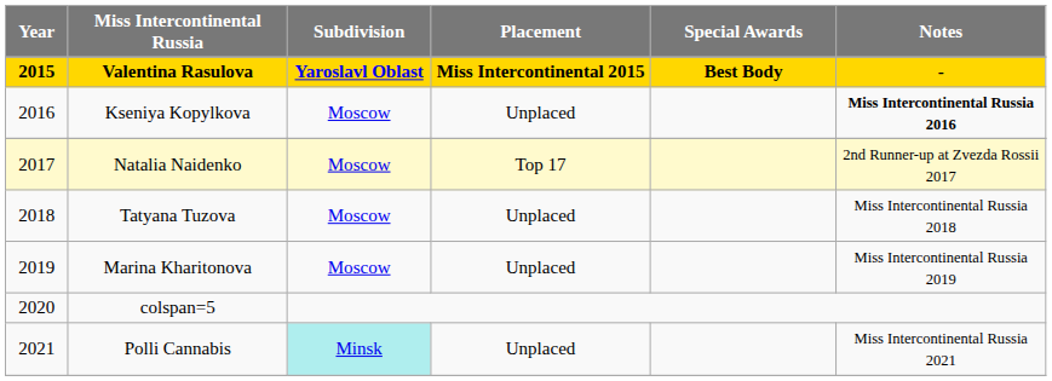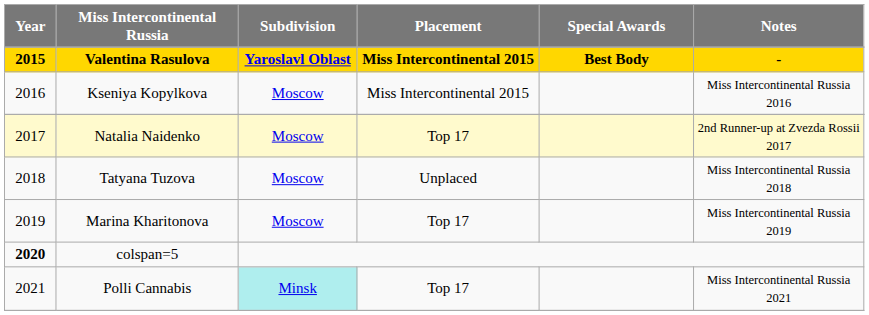 <table class="wikitable sortable" style="font-size: 95%; text-align:center">
 <tr>
 <th width="60" style="background-color:#787878;color:#FFFFFF;">Year</th>
 <th width="250" style="background-color:#787878;color:#FFFFFF;">Miss Intercontinental Russia</th>
 <th width="150" style="background-color:#787878;color:#FFFFFF;">Subdivision</th>
 <th width="250" style="background-color:#787878;color:#FFFFFF;">Placement</th>
 <th width="250" style="background-color:#787878;color:#FFFFFF;">Special Awards</th>
 <th width="250" style="background-color:#787878;color:#FFFFFF;">Notes</th>
 </tr>
 <tr>
 </tr>
 <tr style="background-color:GOLD; font-weight: bold">
 <td>2015</td>
 <td>Valentina Rasulova</td>
 <td><a href='#'>Yaroslavl Oblast</a></td>
 <td>Miss Intercontinental 2015</td>
 <td>Best Body</td>
 <td>-</td>
 </tr>
 <tr>
 <td>2016</td>
 <td>Kseniya Kopylkova</td>
 <td><a href='#'>Moscow</a></td>
-<td>Unplaced</td>
+<td>Miss Intercontinental 2015</td>
 <td></td>
-<td><strong><small>Miss Intercontinental Russia 2016</small></strong></td>
+<td><small>Miss Intercontinental Russia 2016</small></td>
 </tr>
 <tr>
 </tr>
 <tr style="background-color:#FFFACD; ">
 <td>2017</td>
 <td>Natalia Naidenko</td>
 <td><a href='#'>Moscow</a></td>
 <td>Top 17</td>
 <td></td>
 <td><small>2nd Runner-up at Zvezda Rossii 2017</small></td>
 </tr>
 <tr>
 <td>2018</td>
 <td>Tatyana Tuzova</td>
 <td><a href='#'>Moscow</a></td>
 <td>Unplaced</td>
 <td></td>
 <td><small>Miss Intercontinental Russia 2018</small></td>
 </tr>
 <tr>
 <td>2019</td>
 <td>Marina Kharitonova</td>
 <td><a href='#'>Moscow</a></td>
-<td>Unplaced</td>
+<td>Top 17</td>
 <td></td>
 <td><small>Miss Intercontinental Russia 2019</small></td>
 </tr>
 <tr>
-<td>2020</td>
+<td><strong>2020</strong></td>
 <td>colspan=5 </td>
 </tr>
 <tr>
 <td>2021</td>
 <td>Polli Cannabis</td>
 <td style="background: paleturquoise;"><a href='#'>Minsk</a></td>
-<td>Unplaced</td>
+<td>Top 17</td>
 <td></td>
 <td><small>Miss Intercontinental Russia 2021</small></td>
 </tr>
 <tr>
 </tr>
 </table>
